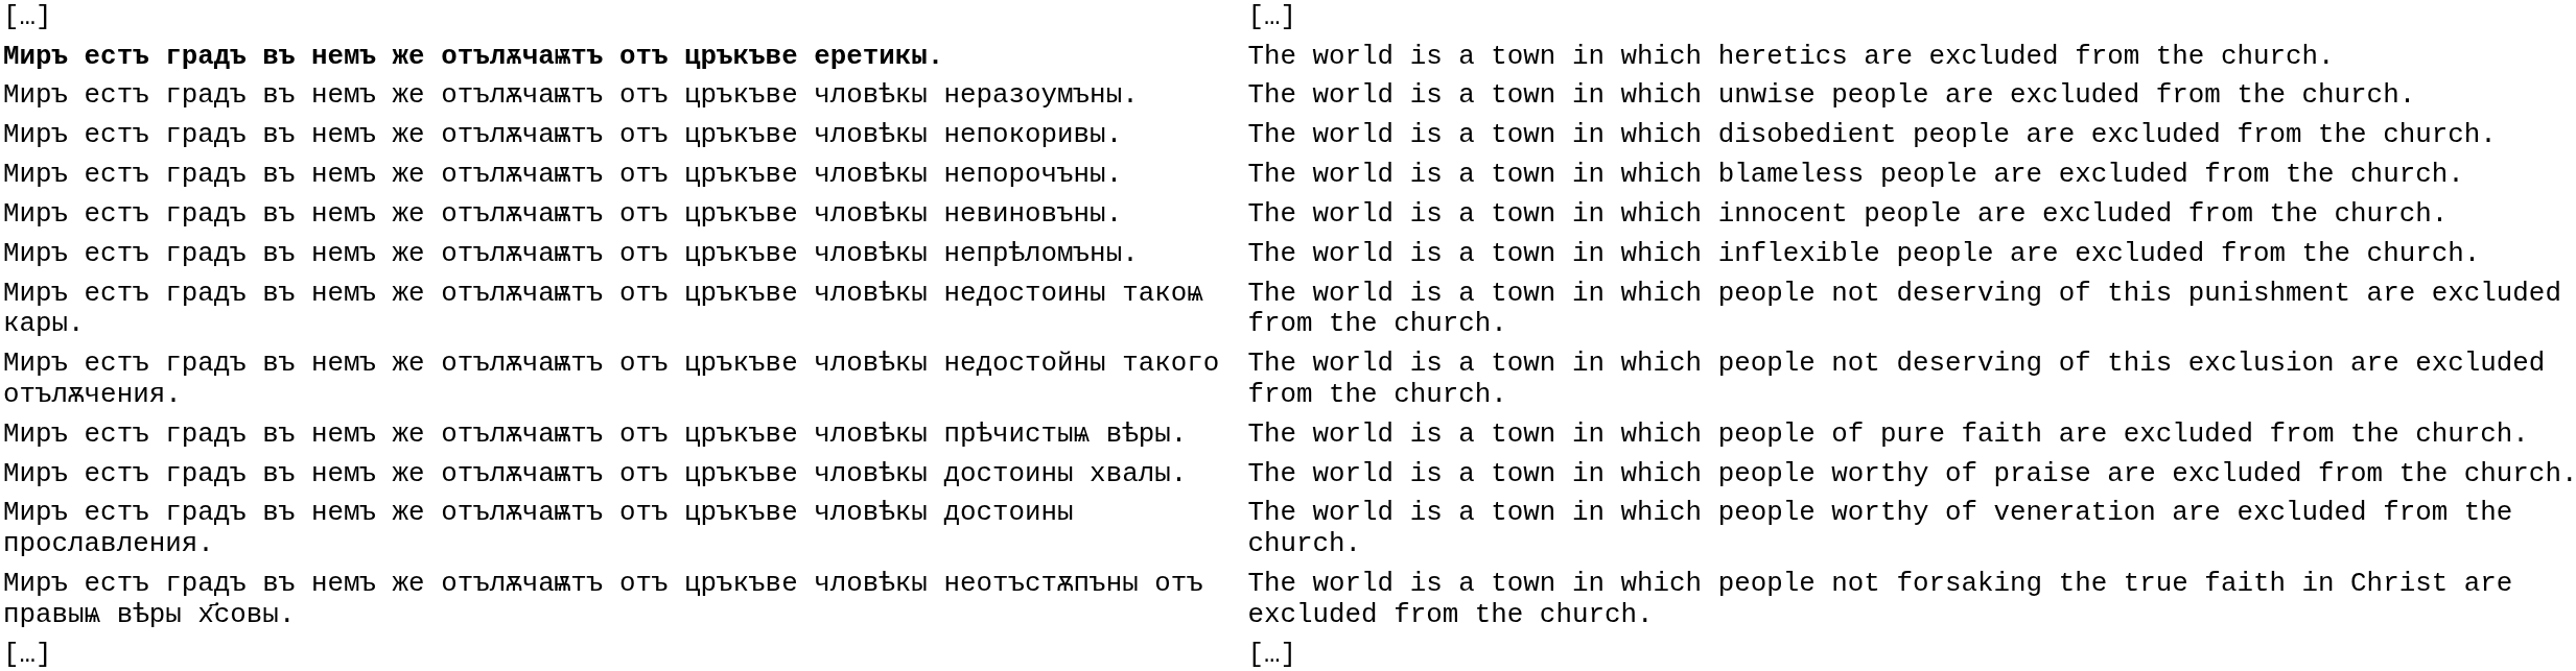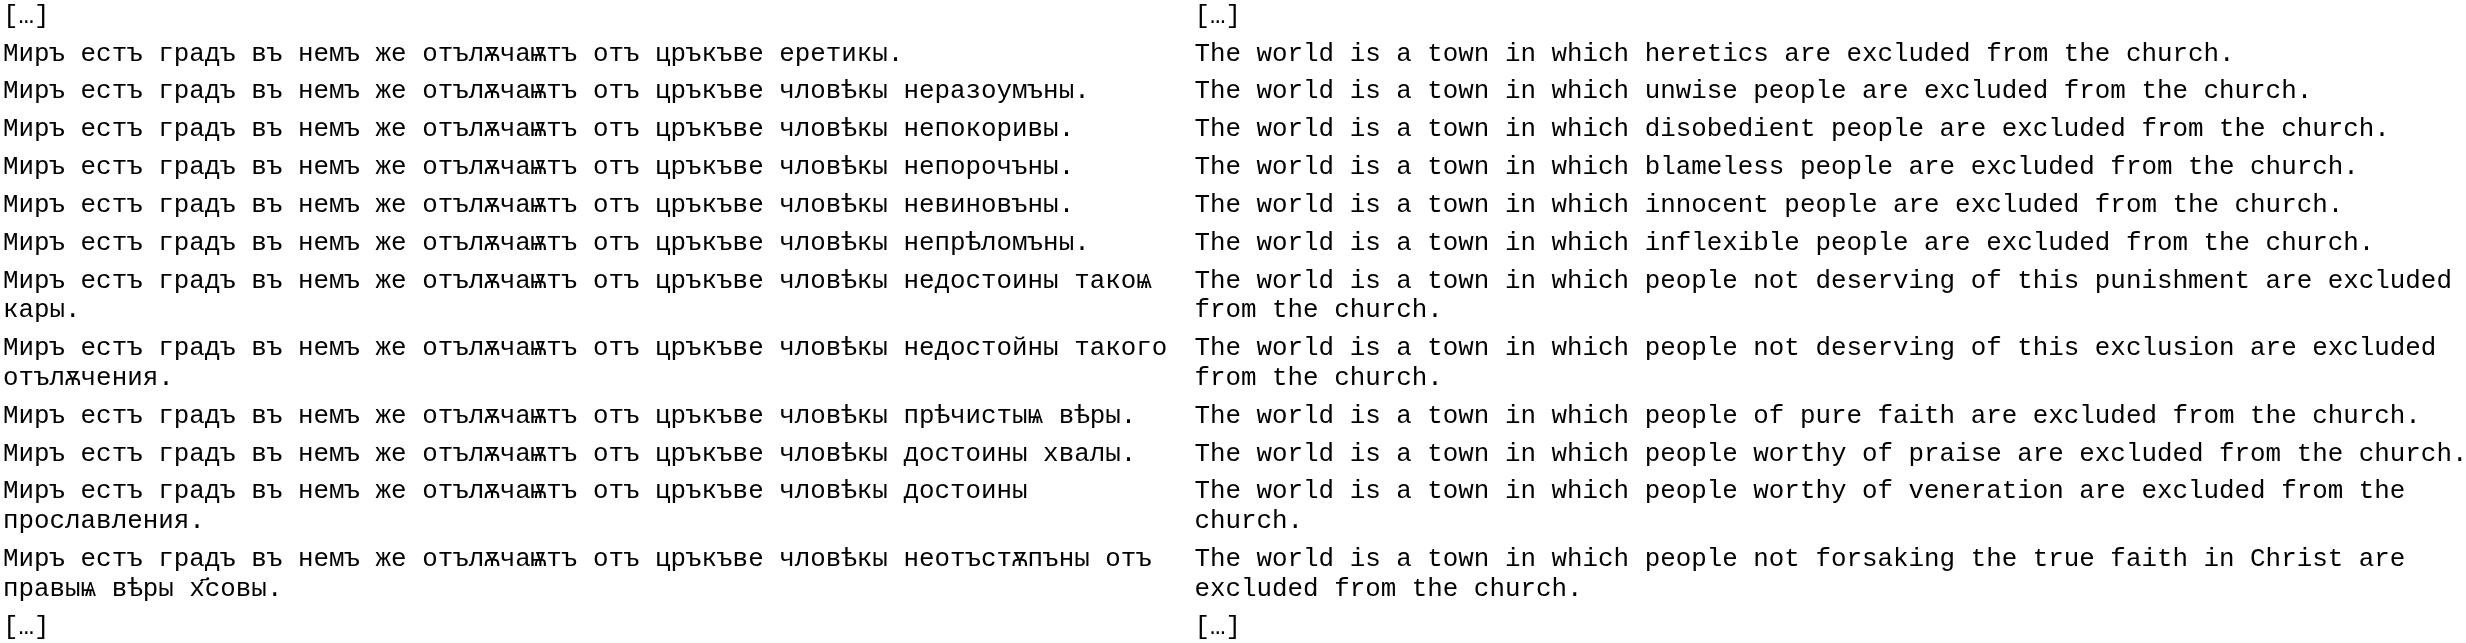 <table>
 <tr>
 <td>[…]</td>
 <td>[…]</td>
 </tr>
 <tr>
-<td><strong>Миръ естъ градъ въ немъ же отълѫчаѭтъ отъ цръкъве еретикы.</strong></td>
+<td>Миръ естъ градъ въ немъ же отълѫчаѭтъ отъ цръкъве еретикы.</td>
 <td>The world is a town in which heretics are excluded from the church.</td>
 </tr>
 <tr>
 <td>Миръ естъ градъ въ немъ же отълѫчаѭтъ отъ цръкъве чловѣкы неразоумъны.</td>
 <td>The world is a town in which unwise people are excluded from the church.</td>
 </tr>
 <tr>
 <td>Миръ естъ градъ въ немъ же отълѫчаѭтъ отъ цръкъве чловѣкы непокоривы.</td>
 <td>The world is a town in which disobedient people are excluded from the church.</td>
 </tr>
 <tr>
 <td>Миръ естъ градъ въ немъ же отълѫчаѭтъ отъ цръкъве чловѣкы непорочъны.</td>
 <td>The world is a town in which blameless people are excluded from the church.</td>
 </tr>
 <tr>
 <td>Миръ естъ градъ въ немъ же отълѫчаѭтъ отъ цръкъве чловѣкы невиновъны.</td>
 <td>The world is a town in which innocent people are excluded from the church.</td>
 </tr>
 <tr>
 <td>Миръ естъ градъ въ немъ же отълѫчаѭтъ отъ цръкъве чловѣкы непрѣломъны.</td>
 <td>The world is a town in which inflexible people are excluded from the church.</td>
 </tr>
 <tr>
 <td>Миръ естъ градъ въ немъ же отълѫчаѭтъ отъ цръкъве чловѣкы недостоины такоѩ кары.</td>
 <td>The world is a town in which people not deserving of this punishment are excluded from the church.</td>
 </tr>
 <tr>
 <td>Миръ естъ градъ въ немъ же отълѫчаѭтъ отъ цръкъве чловѣкы недостойны такого отълѫчения.</td>
 <td>The world is a town in which people not deserving of this exclusion are excluded from the church.</td>
 </tr>
 <tr>
 <td>Миръ естъ градъ въ немъ же отълѫчаѭтъ отъ цръкъве чловѣкы прѣчистыѩ вѣры.</td>
 <td>The world is a town in which people of pure faith are excluded from the church.</td>
 </tr>
 <tr>
 <td>Миръ естъ градъ въ немъ же отълѫчаѭтъ отъ цръкъве чловѣкы достоины хвалы.</td>
 <td>The world is a town in which people worthy of praise are excluded from the church.</td>
 </tr>
 <tr>
 <td>Миръ естъ градъ въ немъ же отълѫчаѭтъ отъ цръкъве чловѣкы достоины прославления.</td>
 <td>The world is a town in which people worthy of veneration are excluded from the church.</td>
 </tr>
 <tr>
 <td>Миръ естъ градъ въ немъ же отълѫчаѭтъ отъ цръкъве чловѣкы неотъстѫпъны отъ правыѩ вѣры х҃совы.</td>
 <td>The world is a town in which people not forsaking the true faith in Christ are excluded from the church.</td>
 </tr>
 <tr>
 <td>[…]</td>
 <td>[…]</td>
 </tr>
 </table>
